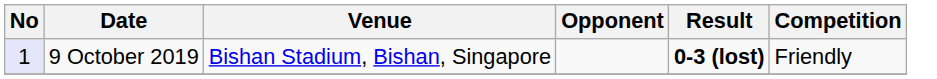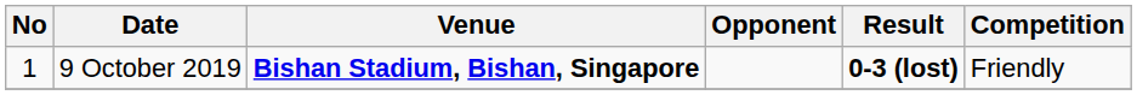 <table class="wikitable">
 <tr>
 <th>No</th>
 <th>Date</th>
 <th>Venue</th>
 <th>Opponent</th>
 <th>Result</th>
 <th>Competition</th>
 </tr>
 <tr>
-<td align=center style="background: lavender;">1</td>
+<td align=center>1</td>
 <td>9 October 2019</td>
-<td><a href='#'>Bishan Stadium</a>, <a href='#'>Bishan</a>, Singapore</td>
+<td><strong><a href='#'>Bishan Stadium</a>, <a href='#'>Bishan</a>, Singapore</strong></td>
 <td></td>
 <td align=center><strong>0-3 (lost)</strong></td>
 <td>Friendly</td>
 </tr>
 <tr>
 </tr>
 </table>
